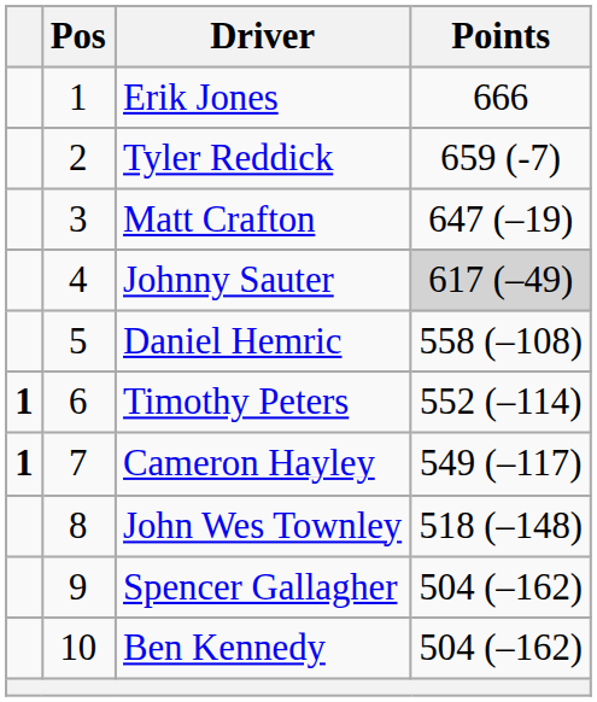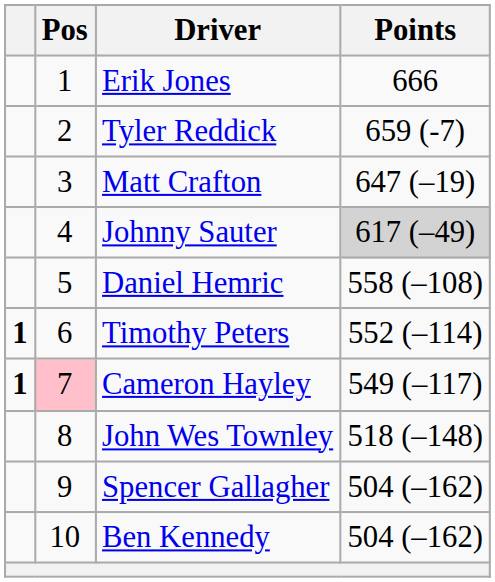 <table class="wikitable" style="font-size: 95%;">
 <tr>
 <th></th>
 <th>Pos</th>
 <th>Driver</th>
 <th>Points</th>
 </tr>
 <tr>
 <td align="left"></td>
 <td style="text-align:center;">1</td>
 <td><a href='#'>Erik Jones</a></td>
 <td style="text-align:center;">666</td>
 </tr>
 <tr>
 <td align="left"></td>
 <td style="text-align:center;">2</td>
 <td><a href='#'>Tyler Reddick</a></td>
 <td style="text-align:center;">659 (-7)</td>
 </tr>
 <tr>
 <td align="left"></td>
 <td style="text-align:center;">3</td>
 <td><a href='#'>Matt Crafton</a></td>
 <td style="text-align:center;">647 (–19)</td>
 </tr>
 <tr>
 <td align="left"></td>
 <td style="text-align:center;">4</td>
 <td><a href='#'>Johnny Sauter</a></td>
 <td style="background: lightgrey; text-align:center;">617 (–49)</td>
 </tr>
 <tr>
 <td align="left"></td>
 <td style="text-align:center;">5</td>
 <td><a href='#'>Daniel Hemric</a></td>
 <td style="text-align:center;">558 (–108)</td>
 </tr>
 <tr>
 <td align="left"> <strong>1</strong></td>
 <td style="text-align:center;">6</td>
 <td><a href='#'>Timothy Peters</a></td>
 <td style="text-align:center;">552 (–114)</td>
 </tr>
 <tr>
 <td align="left"> <strong>1</strong></td>
-<td style="text-align:center;">7</td>
+<td style="background: pink; text-align:center;">7</td>
 <td><a href='#'>Cameron Hayley</a></td>
 <td style="text-align:center;">549 (–117)</td>
 </tr>
 <tr>
 <td align="left"></td>
 <td style="text-align:center;">8</td>
 <td><a href='#'>John Wes Townley</a></td>
 <td style="text-align:center;">518 (–148)</td>
 </tr>
 <tr>
 <td align="left"></td>
 <td style="text-align:center;">9</td>
 <td><a href='#'>Spencer Gallagher</a></td>
 <td style="text-align:center;">504 (–162)</td>
 </tr>
 <tr>
 <td align="left"></td>
 <td style="text-align:center;">10</td>
 <td><a href='#'>Ben Kennedy</a></td>
 <td style="text-align:center;">504 (–162)</td>
 </tr>
 <tr>
 <th colspan="9"></th>
 </tr>
 </table>
